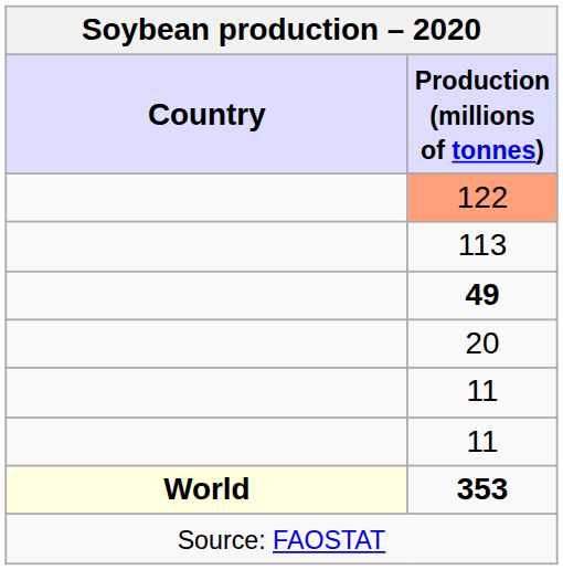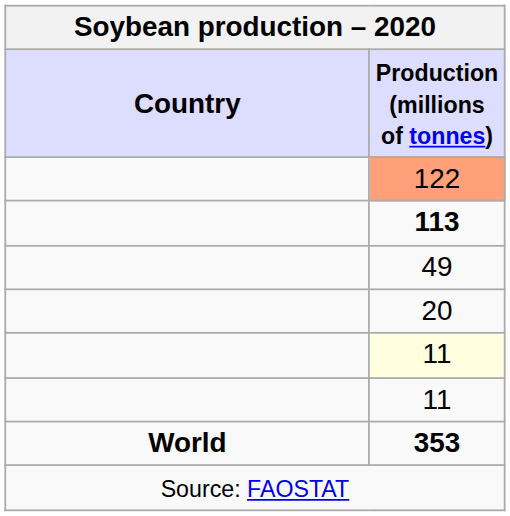 <table class="wikitable"  style="float:right; clear:left; width:18em; text-align:center;">
 <tr>
 <th colspan=2>Soybean production – 2020</th>
 </tr>
 <tr>
 <th style="background:#ddf; width:75%;">Country</th>
 <th style="background:#ddf; width:25%;"><small>Production (millions of <a href='#'>tonnes</a>)</small></th>
 </tr>
 <tr>
 <td></td>
 <td style="background: lightsalmon;">122</td>
 </tr>
 <tr>
 <td></td>
-<td>113</td>
+<td><strong>113</strong></td>
 </tr>
 <tr>
 <td></td>
-<td><strong>49</strong></td>
+<td>49</td>
 </tr>
 <tr>
 <td></td>
 <td>20</td>
 </tr>
 <tr>
 <td></td>
-<td>11</td>
+<td style="background: lightyellow;">11</td>
 </tr>
 <tr>
 <td></td>
 <td>11</td>
 </tr>
 <tr>
-<td style="background: lightyellow;"><strong>World</strong></td>
+<td><strong>World</strong></td>
 <td><strong>353</strong></td>
 </tr>
 <tr>
 <td colspan="2" style="text-align: center;"><small>Source: <a href='#'>FAOSTAT</a></small></td>
 </tr>
 </table>
